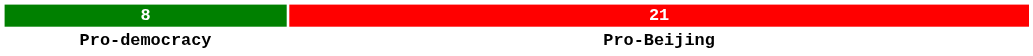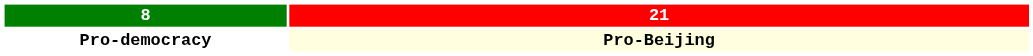 <table style="width:50%; text-align:center;">
 <tr style="color:white;">
 <td style="background:green; width:27.59%;"><strong>8</strong></td>
 <td style="background:red; width:72.41%;"><strong>21</strong></td>
 </tr>
 <tr>
 <td><span><strong>Pro-democracy</strong></span></td>
-<td><span><strong>Pro-Beijing</strong></span></td>
+<td style="background: lightyellow;"><span><strong>Pro-Beijing</strong></span></td>
 </tr>
 </table>
